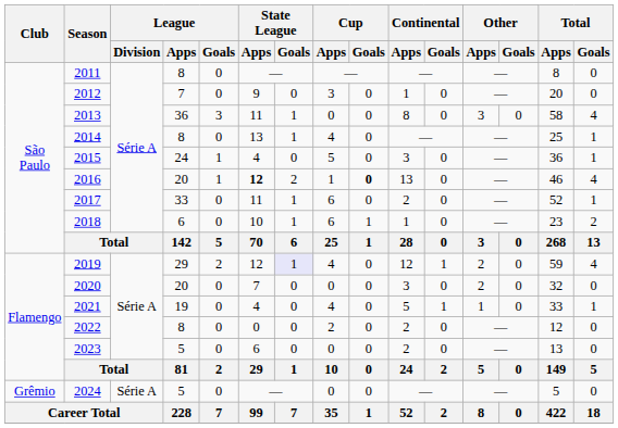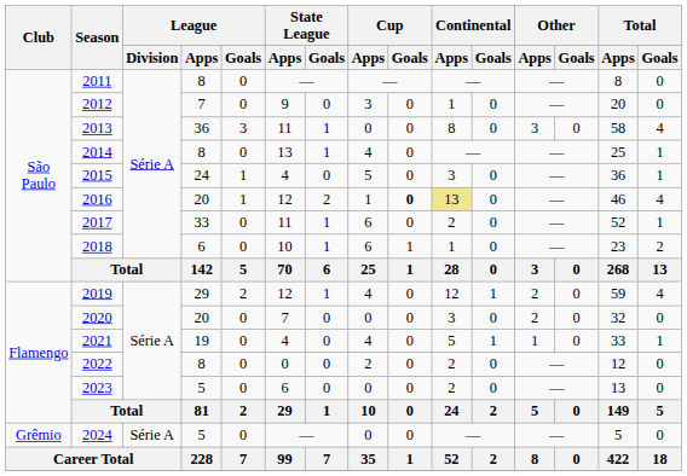 <table class="wikitable" style="text-align: center;">
 <tr>
 <th rowspan="2">Club</th>
 <th rowspan="2">Season</th>
 <th colspan="3">League</th>
 <th colspan="2">State League</th>
 <th colspan="2">Cup</th>
 <th colspan="2">Continental</th>
 <th colspan="2">Other</th>
 <th colspan="2">Total</th>
 </tr>
 <tr>
 <th>Division</th>
 <th>Apps</th>
 <th>Goals</th>
 <th>Apps</th>
 <th>Goals</th>
 <th>Apps</th>
 <th>Goals</th>
 <th>Apps</th>
 <th>Goals</th>
 <th>Apps</th>
 <th>Goals</th>
 <th>Apps</th>
 <th>Goals</th>
 </tr>
 <tr>
 <td rowspan="9"><a href='#'>São Paulo</a></td>
 <td><a href='#'>2011</a></td>
 <td rowspan="8" valign="center"><a href='#'>Série A</a></td>
 <td>8</td>
 <td>0</td>
 <td colspan="2">—</td>
 <td colspan="2">—</td>
 <td colspan="2">—</td>
 <td colspan="2">—</td>
 <td>8</td>
 <td>0</td>
 </tr>
 <tr>
 <td><a href='#'>2012</a></td>
 <td>7</td>
 <td>0</td>
 <td>9</td>
 <td>0</td>
 <td>3</td>
 <td>0</td>
 <td>1</td>
 <td>0</td>
 <td colspan="2">—</td>
 <td>20</td>
 <td>0</td>
 </tr>
 <tr>
 <td><a href='#'>2013</a></td>
 <td>36</td>
 <td>3</td>
 <td>11</td>
 <td>1</td>
 <td>0</td>
 <td>0</td>
 <td>8</td>
 <td>0</td>
 <td>3</td>
 <td>0</td>
 <td>58</td>
 <td>4</td>
 </tr>
 <tr>
 <td><a href='#'>2014</a></td>
 <td>8</td>
 <td>0</td>
 <td>13</td>
 <td>1</td>
 <td>4</td>
 <td>0</td>
 <td colspan="2">—</td>
 <td colspan="2">—</td>
 <td>25</td>
 <td>1</td>
 </tr>
 <tr>
 <td><a href='#'>2015</a></td>
 <td>24</td>
 <td>1</td>
 <td>4</td>
 <td>0</td>
 <td>5</td>
 <td>0</td>
 <td>3</td>
 <td>0</td>
 <td colspan="2">—</td>
 <td>36</td>
 <td>1</td>
 </tr>
 <tr>
 <td><a href='#'>2016</a></td>
 <td>20</td>
 <td>1</td>
-<td><strong>12</strong></td>
+<td>12</td>
 <td>2</td>
 <td>1</td>
 <td><strong>0</strong></td>
-<td>13</td>
+<td style="background: khaki;">13</td>
 <td>0</td>
 <td colspan="2">—</td>
 <td>46</td>
 <td>4</td>
 </tr>
 <tr>
 <td><a href='#'>2017</a></td>
 <td>33</td>
 <td>0</td>
 <td>11</td>
 <td>1</td>
 <td>6</td>
 <td>0</td>
 <td>2</td>
 <td>0</td>
 <td colspan="2">—</td>
 <td>52</td>
 <td>1</td>
 </tr>
 <tr>
 <td><a href='#'>2018</a></td>
 <td>6</td>
 <td>0</td>
 <td>10</td>
 <td>1</td>
 <td>6</td>
 <td>1</td>
 <td>1</td>
 <td>0</td>
 <td colspan="2">—</td>
 <td>23</td>
 <td>2</td>
 </tr>
 <tr>
 <th colspan="2">Total</th>
 <th>142</th>
 <th>5</th>
 <th>70</th>
 <th>6</th>
 <th>25</th>
 <th>1</th>
 <th>28</th>
 <th>0</th>
 <th>3</th>
 <th>0</th>
 <th>268</th>
 <th>13</th>
 </tr>
 <tr>
 <td rowspan="6"><a href='#'>Flamengo</a></td>
 <td><a href='#'>2019</a></td>
 <td rowspan="5" valign="center">Série A</td>
 <td>29</td>
 <td>2</td>
 <td>12</td>
-<td style="background: lavender;">1</td>
+<td>1</td>
 <td>4</td>
 <td>0</td>
 <td>12</td>
 <td>1</td>
 <td>2</td>
 <td>0</td>
 <td>59</td>
 <td>4</td>
 </tr>
 <tr>
 <td><a href='#'>2020</a></td>
 <td>20</td>
 <td>0</td>
 <td>7</td>
 <td>0</td>
 <td>0</td>
 <td>0</td>
 <td>3</td>
 <td>0</td>
 <td>2</td>
 <td>0</td>
 <td>32</td>
 <td>0</td>
 </tr>
 <tr>
 <td><a href='#'>2021</a></td>
 <td>19</td>
 <td>0</td>
 <td>4</td>
 <td>0</td>
 <td>4</td>
 <td>0</td>
 <td>5</td>
 <td>1</td>
 <td>1</td>
 <td>0</td>
 <td>33</td>
 <td>1</td>
 </tr>
 <tr>
 <td><a href='#'>2022</a></td>
 <td>8</td>
 <td>0</td>
 <td>0</td>
 <td>0</td>
 <td>2</td>
 <td>0</td>
 <td>2</td>
 <td>0</td>
 <td colspan="2">—</td>
 <td>12</td>
 <td>0</td>
 </tr>
 <tr>
 <td><a href='#'>2023</a></td>
 <td>5</td>
 <td>0</td>
 <td>6</td>
 <td>0</td>
 <td>0</td>
 <td>0</td>
 <td>2</td>
 <td>0</td>
 <td colspan="2">—</td>
 <td>13</td>
 <td>0</td>
 </tr>
 <tr>
 <th colspan="2">Total</th>
 <th>81</th>
 <th>2</th>
 <th>29</th>
 <th>1</th>
 <th>10</th>
 <th>0</th>
 <th>24</th>
 <th>2</th>
 <th>5</th>
 <th>0</th>
 <th>149</th>
 <th>5</th>
 </tr>
 <tr>
 <td rowspan="1"><a href='#'>Grêmio</a></td>
 <td><a href='#'>2024</a></td>
 <td rowspan="1" valign="center">Série A</td>
 <td>5</td>
 <td>0</td>
 <td colspan="2">—</td>
 <td>0</td>
 <td>0</td>
 <td colspan="2">—</td>
 <td colspan="2">—</td>
 <td>5</td>
 <td>0</td>
 </tr>
 <tr>
 <th colspan="3">Career Total</th>
 <th>228</th>
 <th>7</th>
 <th>99</th>
 <th>7</th>
 <th>35</th>
 <th>1</th>
 <th>52</th>
 <th>2</th>
 <th>8</th>
 <th>0</th>
 <th>422</th>
 <th>18</th>
 </tr>
 <tr>
 </tr>
 </table>
